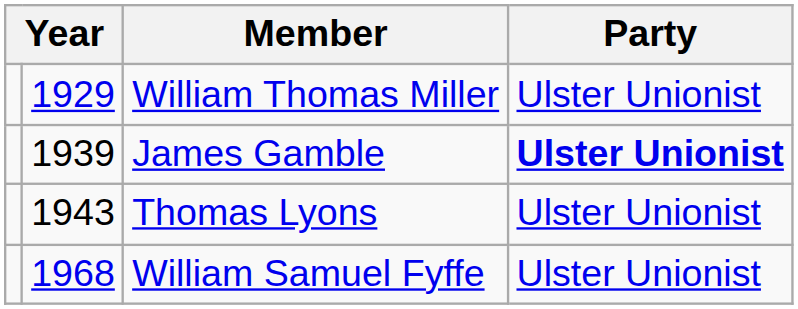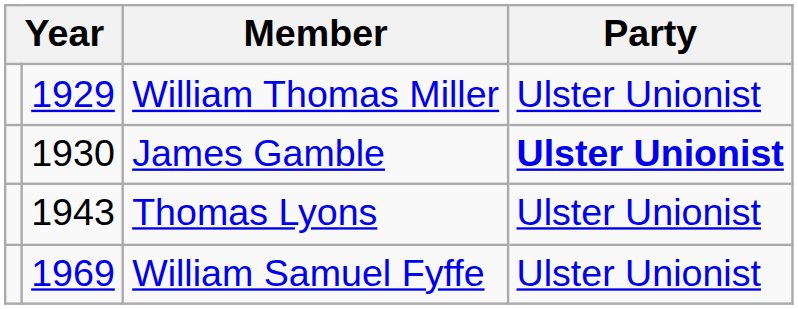 <table class="wikitable">
 <tr>
 <th colspan=2>Year</th>
 <th>Member</th>
 <th>Party</th>
 </tr>
 <tr>
 <td style="background-color: "></td>
 <td><a href='#'>1929</a></td>
 <td><a href='#'>William Thomas Miller</a></td>
 <td><a href='#'>Ulster Unionist</a></td>
 </tr>
 <tr>
 <td style="background-color: "></td>
-<td>1939</td>
+<td>1930</td>
 <td><a href='#'>James Gamble</a></td>
 <td><strong><a href='#'>Ulster Unionist</a></strong></td>
 </tr>
 <tr>
 <td style="background-color: "></td>
 <td>1943</td>
 <td><a href='#'>Thomas Lyons</a></td>
 <td><a href='#'>Ulster Unionist</a></td>
 </tr>
 <tr>
 <td style="background-color: "></td>
-<td><a href='#'>1968</a></td>
+<td><a href='#'>1969</a></td>
 <td><a href='#'>William Samuel Fyffe</a></td>
 <td><a href='#'>Ulster Unionist</a></td>
 </tr>
 </table>
